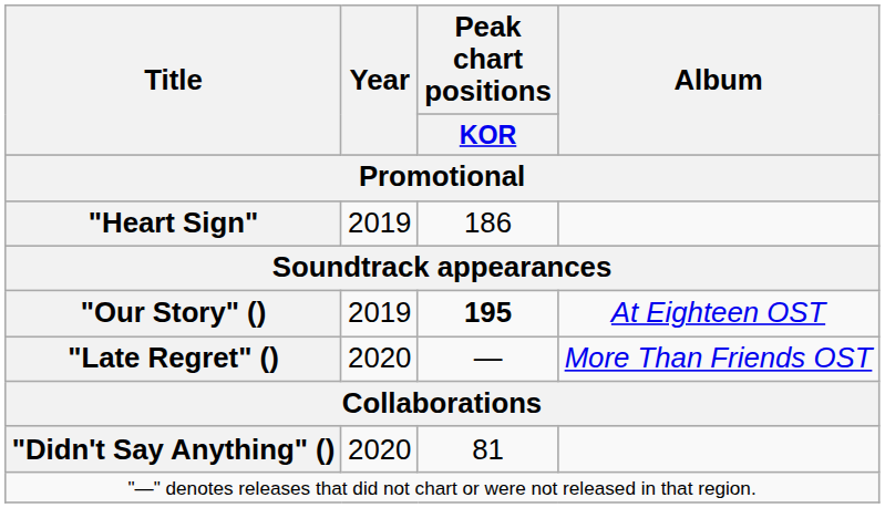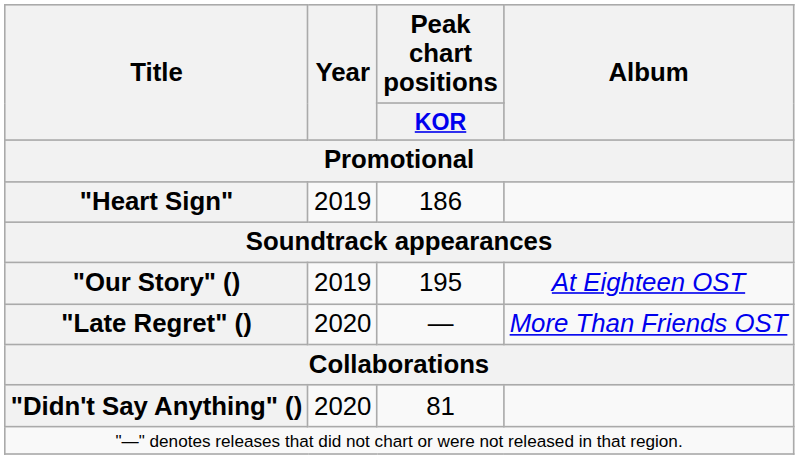 <table class="wikitable plainrowheaders" style="text-align:center;" border="1">
 <tr>
 <th rowspan="2">Title</th>
 <th rowspan="2">Year</th>
 <th colspan="1">Peak<br>chart<br>positions</th>
 <th rowspan="2">Album</th>
 </tr>
 <tr>
 <th scope="col" style="width:3em;font-size:90%;"><a href='#'>KOR</a><br></th>
 </tr>
 <tr>
 <th colspan="5">Promotional</th>
 </tr>
 <tr>
 <th scope="row">"Heart Sign"</th>
 <td>2019</td>
 <td>186</td>
 <td></td>
 </tr>
 <tr>
 <th colspan="5">Soundtrack appearances</th>
 </tr>
 <tr>
 <th scope="row">"Our Story" ()</th>
 <td>2019</td>
-<td><strong>195</strong></td>
+<td>195</td>
 <td><em><a href='#'>At Eighteen OST</a></em></td>
 </tr>
 <tr>
 <th scope="row">"Late Regret" ()</th>
 <td>2020</td>
 <td>—</td>
 <td><em><a href='#'>More Than Friends OST</a></em></td>
 </tr>
 <tr>
 <th colspan="5">Collaborations</th>
 </tr>
 <tr>
 <th scope="row">"Didn't Say Anything" ()<br></th>
 <td>2020</td>
 <td>81</td>
 <td></td>
 </tr>
 <tr>
 <td colspan="5" style="font-size:8pt">"—" denotes releases that did not chart or were not released in that region.</td>
 </tr>
 </table>
